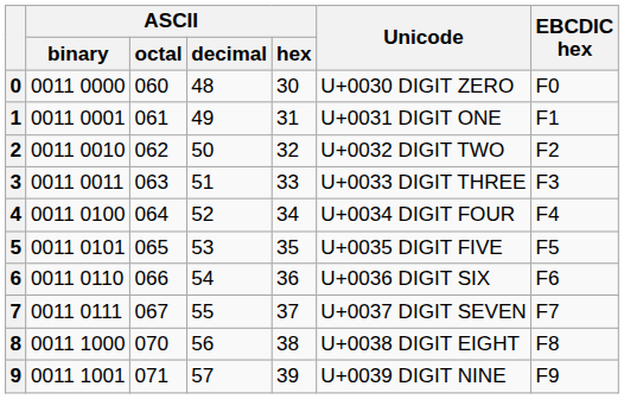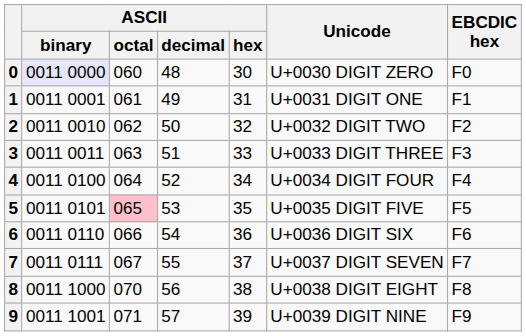 <table class="wikitable">
 <tr>
 <th rowspan="2"></th>
 <th colspan="4">ASCII</th>
 <th rowspan="2">Unicode</th>
 <th rowspan="2">EBCDIC<br>hex</th>
 </tr>
 <tr>
 <th>binary</th>
 <th>octal</th>
 <th>decimal</th>
 <th>hex</th>
 </tr>
 <tr>
 <th>0</th>
-<td>0011 0000</td>
+<td style="background: lavender;">0011 0000</td>
 <td>060</td>
 <td>48</td>
 <td>30</td>
 <td>U+0030 DIGIT ZERO</td>
 <td>F0</td>
 </tr>
 <tr>
 <th>1</th>
 <td>0011 0001</td>
 <td>061</td>
 <td>49</td>
 <td>31</td>
 <td>U+0031 DIGIT ONE</td>
 <td>F1</td>
 </tr>
 <tr>
 <th>2</th>
 <td>0011 0010</td>
 <td>062</td>
 <td>50</td>
 <td>32</td>
 <td>U+0032 DIGIT TWO</td>
 <td>F2</td>
 </tr>
 <tr>
 <th>3</th>
 <td>0011 0011</td>
 <td>063</td>
 <td>51</td>
 <td>33</td>
 <td>U+0033 DIGIT THREE</td>
 <td>F3</td>
 </tr>
 <tr>
 <th>4</th>
 <td>0011 0100</td>
 <td>064</td>
 <td>52</td>
 <td>34</td>
 <td>U+0034 DIGIT FOUR</td>
 <td>F4</td>
 </tr>
 <tr>
 <th>5</th>
 <td>0011 0101</td>
-<td>065</td>
+<td style="background: pink;">065</td>
 <td>53</td>
 <td>35</td>
 <td>U+0035 DIGIT FIVE</td>
 <td>F5</td>
 </tr>
 <tr>
 <th>6</th>
 <td>0011 0110</td>
 <td>066</td>
 <td>54</td>
 <td>36</td>
 <td>U+0036 DIGIT SIX</td>
 <td>F6</td>
 </tr>
 <tr>
 <th>7</th>
 <td>0011 0111</td>
 <td>067</td>
 <td>55</td>
 <td>37</td>
 <td>U+0037 DIGIT SEVEN</td>
 <td>F7</td>
 </tr>
 <tr>
 <th>8</th>
 <td>0011 1000</td>
 <td>070</td>
 <td>56</td>
 <td>38</td>
 <td>U+0038 DIGIT EIGHT</td>
 <td>F8</td>
 </tr>
 <tr>
 <th>9</th>
 <td>0011 1001</td>
 <td>071</td>
 <td>57</td>
 <td>39</td>
 <td>U+0039 DIGIT NINE</td>
 <td>F9</td>
 </tr>
 </table>
